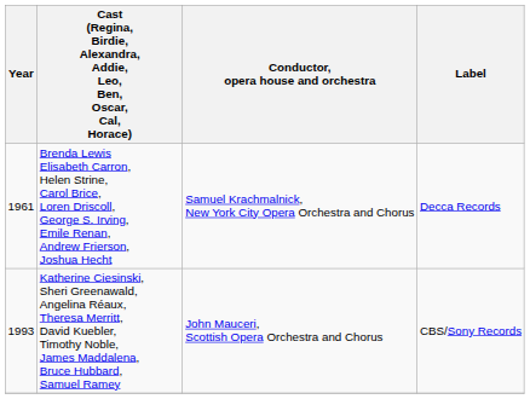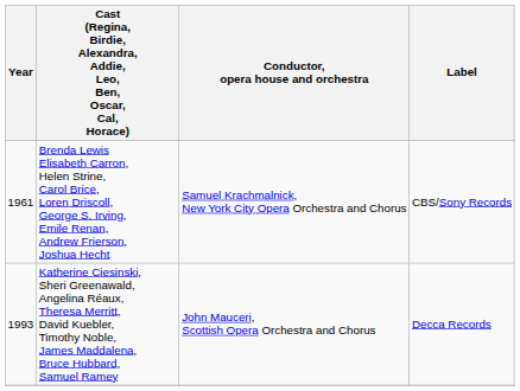 <table class="wikitable">
 <tr>
 <th>Year</th>
 <th Width="190">Cast <br>(Regina, <br> Birdie,<br> Alexandra,<br> Addie,<br> Leo,<br> Ben,<br> Oscar,<br> Cal,<br> Horace)</th>
 <th>Conductor,<br>opera house and orchestra</th>
 <th>Label</th>
 </tr>
 <tr>
 <td>1961</td>
 <td><a href='#'>Brenda Lewis</a><br> <a href='#'>Elisabeth Carron</a>,<br> Helen Strine,<br><a href='#'>Carol Brice</a>,<br><a href='#'>Loren Driscoll</a>,<br><a href='#'>George S. Irving</a>,<br><a href='#'>Emile Renan</a>,<br><a href='#'>Andrew Frierson</a>,<br><a href='#'>Joshua Hecht</a></td>
 <td><a href='#'>Samuel Krachmalnick</a>,<br><a href='#'>New York City Opera</a> Orchestra and Chorus</td>
-<td><a href='#'>Decca Records</a></td>
+<td>CBS/<a href='#'>Sony Records</a></td>
 </tr>
 <tr>
 <td>1993</td>
 <td><a href='#'>Katherine Ciesinski</a>, <br> Sheri Greenawald, <br> Angelina Réaux, <br> <a href='#'>Theresa Merritt</a>,<br>David Kuebler,<br>Timothy Noble,<br><a href='#'>James Maddalena</a>,<br><a href='#'>Bruce Hubbard</a>,<br><a href='#'>Samuel Ramey</a></td>
 <td><a href='#'>John Mauceri</a>, <br> <a href='#'>Scottish Opera</a> Orchestra and Chorus</td>
-<td>CBS/<a href='#'>Sony Records</a></td>
+<td><a href='#'>Decca Records</a></td>
 </tr>
 <tr>
 </tr>
 </table>
